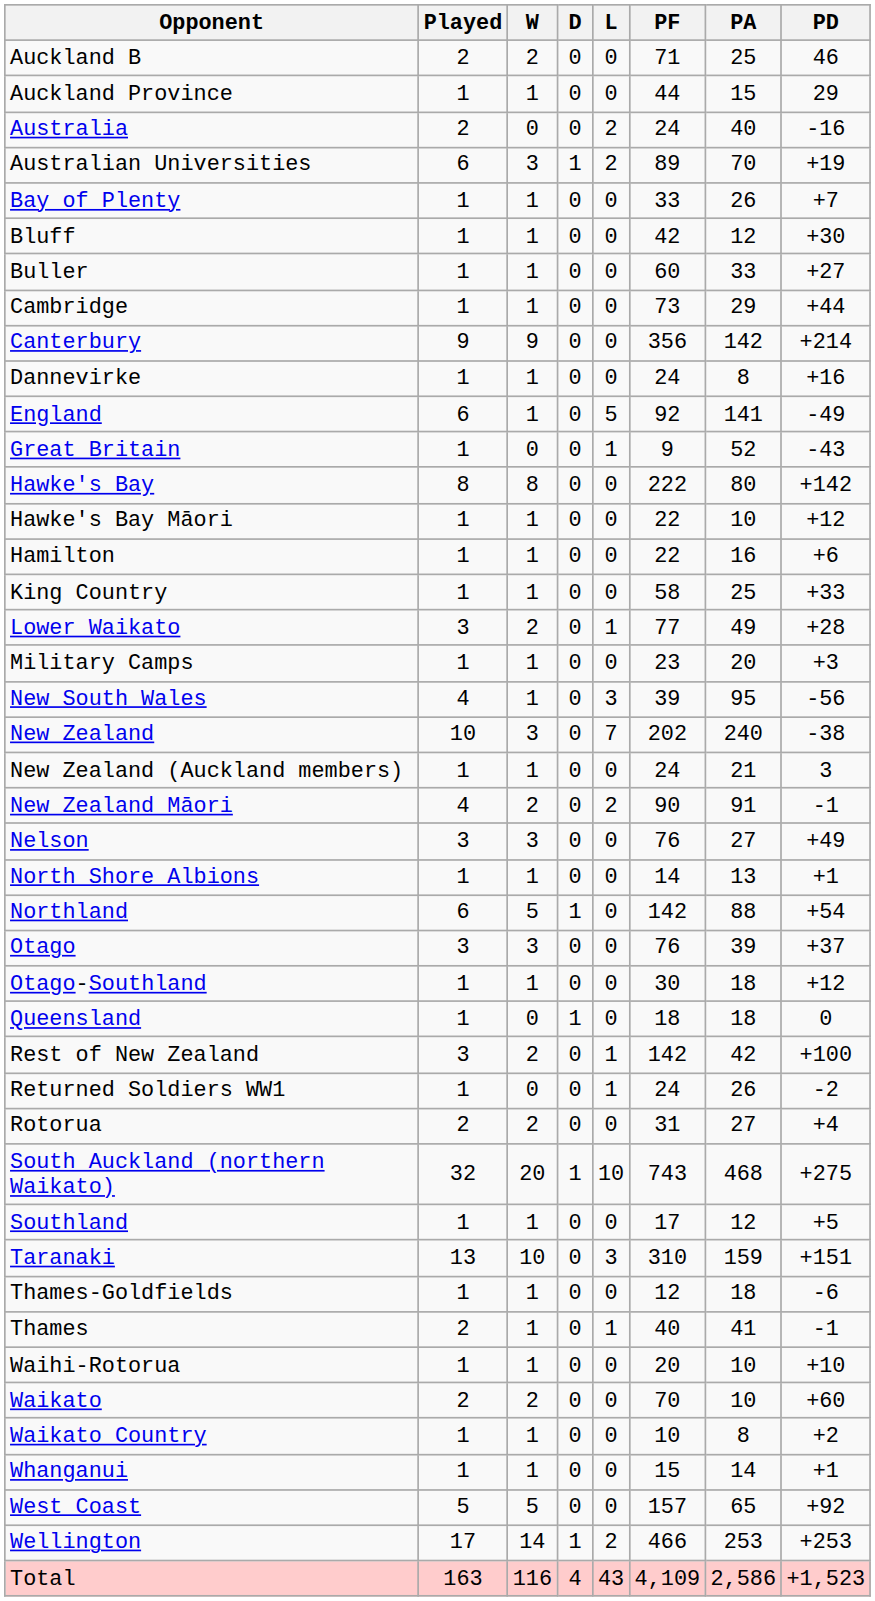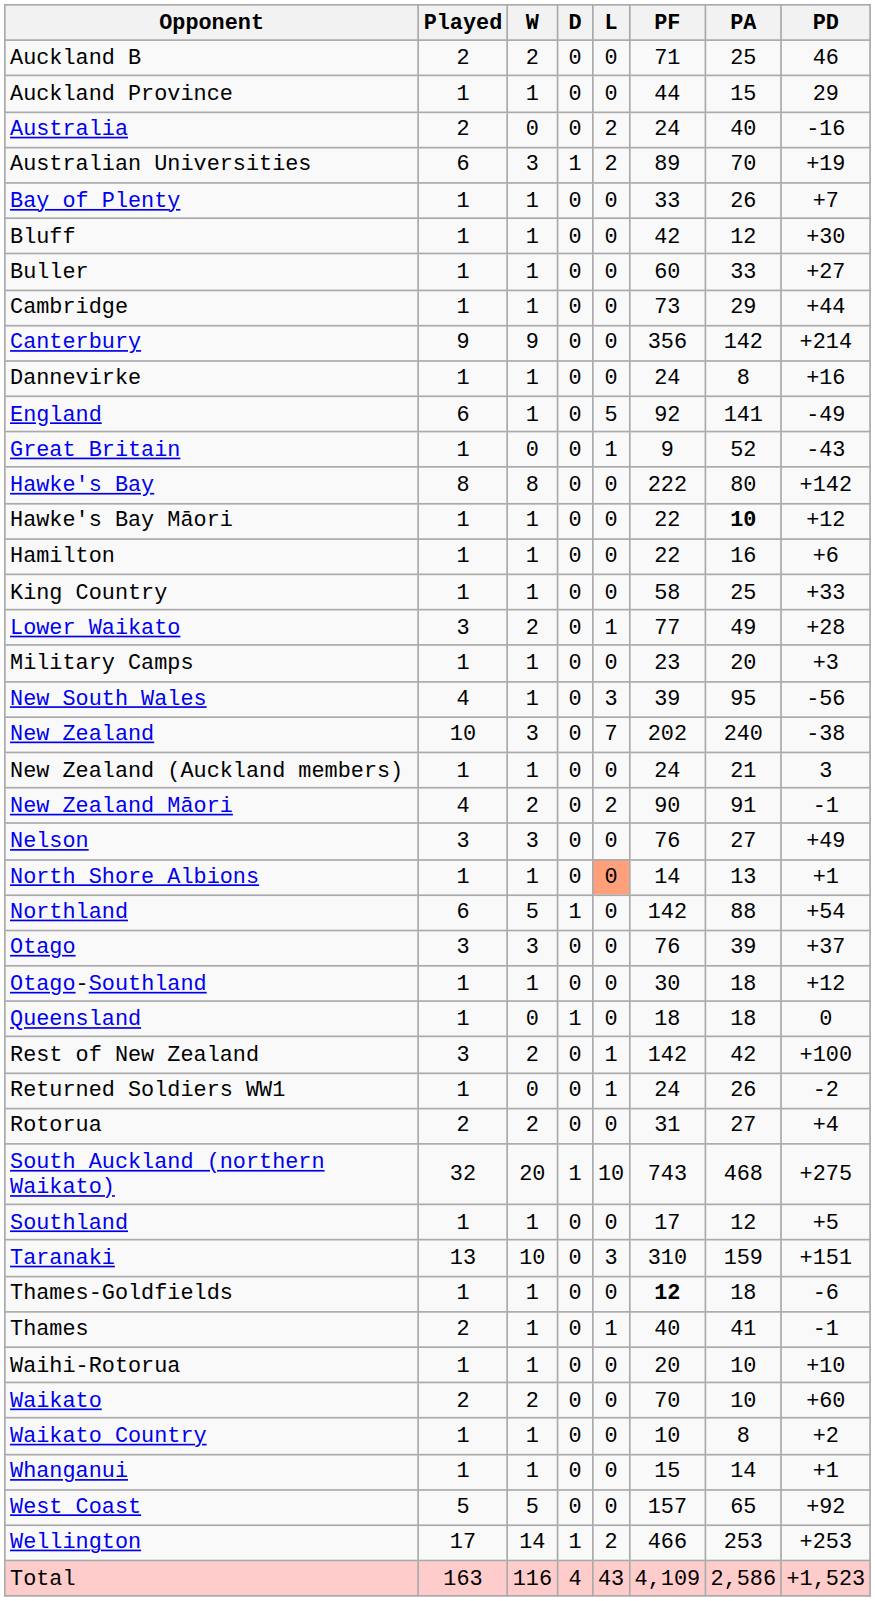 <table class="wikitable" style="text-align:center;">
 <tr>
 <th width=240>Opponent</th>
 <th width=15 abbr="Played">Played</th>
 <th width=15 abbr="Won">W</th>
 <th width=15 abbr="Drawn">D</th>
 <th width=15 abbr="Lost">L</th>
 <th width=20 abbr="Points for">PF</th>
 <th width=20 abbr="Points against">PA</th>
 <th width=20 abbr="Points difference">PD</th>
 </tr>
 <tr>
 <td style="text-align:left;">Auckland B</td>
 <td>2</td>
 <td>2</td>
 <td>0</td>
 <td>0</td>
 <td>71</td>
 <td>25</td>
 <td>46</td>
 </tr>
 <tr>
 <td style="text-align:left;">Auckland Province</td>
 <td>1</td>
 <td>1</td>
 <td>0</td>
 <td>0</td>
 <td>44</td>
 <td>15</td>
 <td>29</td>
 </tr>
 <tr>
 <td style="text-align:left;"><a href='#'>Australia</a></td>
 <td>2</td>
 <td>0</td>
 <td>0</td>
 <td>2</td>
 <td>24</td>
 <td>40</td>
 <td>-16</td>
 </tr>
 <tr>
 <td style="text-align:left;">Australian Universities</td>
 <td>6</td>
 <td>3</td>
 <td>1</td>
 <td>2</td>
 <td>89</td>
 <td>70</td>
 <td>+19</td>
 </tr>
 <tr>
 <td style="text-align:left;"><a href='#'>Bay of Plenty</a></td>
 <td>1</td>
 <td>1</td>
 <td>0</td>
 <td>0</td>
 <td>33</td>
 <td>26</td>
 <td>+7</td>
 </tr>
 <tr>
 <td style="text-align:left;">Bluff</td>
 <td>1</td>
 <td>1</td>
 <td>0</td>
 <td>0</td>
 <td>42</td>
 <td>12</td>
 <td>+30</td>
 </tr>
 <tr>
 <td style="text-align:left;">Buller</td>
 <td>1</td>
 <td>1</td>
 <td>0</td>
 <td>0</td>
 <td>60</td>
 <td>33</td>
 <td>+27</td>
 </tr>
 <tr>
 <td style="text-align:left;">Cambridge</td>
 <td>1</td>
 <td>1</td>
 <td>0</td>
 <td>0</td>
 <td>73</td>
 <td>29</td>
 <td>+44</td>
 </tr>
 <tr>
 <td style="text-align:left;"><a href='#'>Canterbury</a></td>
 <td>9</td>
 <td>9</td>
 <td>0</td>
 <td>0</td>
 <td>356</td>
 <td>142</td>
 <td>+214</td>
 </tr>
 <tr>
 <td style="text-align:left;">Dannevirke</td>
 <td>1</td>
 <td>1</td>
 <td>0</td>
 <td>0</td>
 <td>24</td>
 <td>8</td>
 <td>+16</td>
 </tr>
 <tr>
 <td style="text-align:left;"><a href='#'>England</a></td>
 <td>6</td>
 <td>1</td>
 <td>0</td>
 <td>5</td>
 <td>92</td>
 <td>141</td>
 <td>-49</td>
 </tr>
 <tr>
 <td style="text-align:left;"><a href='#'>Great Britain</a></td>
 <td>1</td>
 <td>0</td>
 <td>0</td>
 <td>1</td>
 <td>9</td>
 <td>52</td>
 <td>-43</td>
 </tr>
 <tr>
 <td style="text-align:left;"><a href='#'>Hawke's Bay</a></td>
 <td>8</td>
 <td>8</td>
 <td>0</td>
 <td>0</td>
 <td>222</td>
 <td>80</td>
 <td>+142</td>
 </tr>
 <tr>
 <td style="text-align:left;">Hawke's Bay Māori</td>
 <td>1</td>
 <td>1</td>
 <td>0</td>
 <td>0</td>
 <td>22</td>
-<td>10</td>
+<td><strong>10</strong></td>
 <td>+12</td>
 </tr>
 <tr>
 <td style="text-align:left;">Hamilton</td>
 <td>1</td>
 <td>1</td>
 <td>0</td>
 <td>0</td>
 <td>22</td>
 <td>16</td>
 <td>+6</td>
 </tr>
 <tr>
 <td style="text-align:left;">King Country</td>
 <td>1</td>
 <td>1</td>
 <td>0</td>
 <td>0</td>
 <td>58</td>
 <td>25</td>
 <td>+33</td>
 </tr>
 <tr>
 <td style="text-align:left;"><a href='#'>Lower Waikato</a></td>
 <td>3</td>
 <td>2</td>
 <td>0</td>
 <td>1</td>
 <td>77</td>
 <td>49</td>
 <td>+28</td>
 </tr>
 <tr>
 <td style="text-align:left;">Military Camps</td>
 <td>1</td>
 <td>1</td>
 <td>0</td>
 <td>0</td>
 <td>23</td>
 <td>20</td>
 <td>+3</td>
 </tr>
 <tr>
 <td style="text-align:left;"><a href='#'>New South Wales</a></td>
 <td>4</td>
 <td>1</td>
 <td>0</td>
 <td>3</td>
 <td>39</td>
 <td>95</td>
 <td>-56</td>
 </tr>
 <tr>
 <td style="text-align:left;"><a href='#'>New Zealand</a></td>
 <td>10</td>
 <td>3</td>
 <td>0</td>
 <td>7</td>
 <td>202</td>
 <td>240</td>
 <td>-38</td>
 </tr>
 <tr>
 <td style="text-align:left;">New Zealand (Auckland members)</td>
 <td>1</td>
 <td>1</td>
 <td>0</td>
 <td>0</td>
 <td>24</td>
 <td>21</td>
 <td>3</td>
 </tr>
 <tr>
 <td style="text-align:left;"><a href='#'>New Zealand Māori</a></td>
 <td>4</td>
 <td>2</td>
 <td>0</td>
 <td>2</td>
 <td>90</td>
 <td>91</td>
 <td>-1</td>
 </tr>
 <tr>
 <td style="text-align:left;"><a href='#'>Nelson</a></td>
 <td>3</td>
 <td>3</td>
 <td>0</td>
 <td>0</td>
 <td>76</td>
 <td>27</td>
 <td>+49</td>
 </tr>
 <tr>
 <td style="text-align:left;"><a href='#'>North Shore Albions</a></td>
 <td>1</td>
 <td>1</td>
 <td>0</td>
-<td>0</td>
+<td style="background: lightsalmon;">0</td>
 <td>14</td>
 <td>13</td>
 <td>+1</td>
 </tr>
 <tr>
 <td style="text-align:left;"><a href='#'>Northland</a></td>
 <td>6</td>
 <td>5</td>
 <td>1</td>
 <td>0</td>
 <td>142</td>
 <td>88</td>
 <td>+54</td>
 </tr>
 <tr>
 <td style="text-align:left;"><a href='#'>Otago</a></td>
 <td>3</td>
 <td>3</td>
 <td>0</td>
 <td>0</td>
 <td>76</td>
 <td>39</td>
 <td>+37</td>
 </tr>
 <tr>
 <td style="text-align:left;"><a href='#'>Otago</a>-<a href='#'>Southland</a></td>
 <td>1</td>
 <td>1</td>
 <td>0</td>
 <td>0</td>
 <td>30</td>
 <td>18</td>
 <td>+12</td>
 </tr>
 <tr>
 <td style="text-align:left;"><a href='#'>Queensland</a></td>
 <td>1</td>
 <td>0</td>
 <td>1</td>
 <td>0</td>
 <td>18</td>
 <td>18</td>
 <td>0</td>
 </tr>
 <tr>
 <td style="text-align:left;">Rest of New Zealand</td>
 <td>3</td>
 <td>2</td>
 <td>0</td>
 <td>1</td>
 <td>142</td>
 <td>42</td>
 <td>+100</td>
 </tr>
 <tr>
 <td style="text-align:left;">Returned Soldiers WW1</td>
 <td>1</td>
 <td>0</td>
 <td>0</td>
 <td>1</td>
 <td>24</td>
 <td>26</td>
 <td>-2</td>
 </tr>
 <tr>
 <td style="text-align:left;">Rotorua</td>
 <td>2</td>
 <td>2</td>
 <td>0</td>
 <td>0</td>
 <td>31</td>
 <td>27</td>
 <td>+4</td>
 </tr>
 <tr>
 <td style="text-align:left;"><a href='#'>South Auckland (northern Waikato)</a></td>
 <td>32</td>
 <td>20</td>
 <td>1</td>
 <td>10</td>
 <td>743</td>
 <td>468</td>
 <td>+275</td>
 </tr>
 <tr>
 <td style="text-align:left;"><a href='#'>Southland</a></td>
 <td>1</td>
 <td>1</td>
 <td>0</td>
 <td>0</td>
 <td>17</td>
 <td>12</td>
 <td>+5</td>
 </tr>
 <tr>
 <td style="text-align:left;"><a href='#'>Taranaki</a></td>
 <td>13</td>
 <td>10</td>
 <td>0</td>
 <td>3</td>
 <td>310</td>
 <td>159</td>
 <td>+151</td>
 </tr>
 <tr>
 <td style="text-align:left;">Thames-Goldfields</td>
 <td>1</td>
 <td>1</td>
 <td>0</td>
 <td>0</td>
-<td>12</td>
+<td><strong>12</strong></td>
 <td>18</td>
 <td>-6</td>
 </tr>
 <tr>
 <td style="text-align:left;">Thames</td>
 <td>2</td>
 <td>1</td>
 <td>0</td>
 <td>1</td>
 <td>40</td>
 <td>41</td>
 <td>-1</td>
 </tr>
 <tr>
 <td style="text-align:left;">Waihi-Rotorua</td>
 <td>1</td>
 <td>1</td>
 <td>0</td>
 <td>0</td>
 <td>20</td>
 <td>10</td>
 <td>+10</td>
 </tr>
 <tr>
 <td style="text-align:left;"><a href='#'>Waikato</a></td>
 <td>2</td>
 <td>2</td>
 <td>0</td>
 <td>0</td>
 <td>70</td>
 <td>10</td>
 <td>+60</td>
 </tr>
 <tr>
 <td style="text-align:left;"><a href='#'>Waikato Country</a></td>
 <td>1</td>
 <td>1</td>
 <td>0</td>
 <td>0</td>
 <td>10</td>
 <td>8</td>
 <td>+2</td>
 </tr>
 <tr>
 <td style="text-align:left;"><a href='#'>Whanganui</a></td>
 <td>1</td>
 <td>1</td>
 <td>0</td>
 <td>0</td>
 <td>15</td>
 <td>14</td>
 <td>+1</td>
 </tr>
 <tr>
 <td style="text-align:left;"><a href='#'>West Coast</a></td>
 <td>5</td>
 <td>5</td>
 <td>0</td>
 <td>0</td>
 <td>157</td>
 <td>65</td>
 <td>+92</td>
 </tr>
 <tr>
 <td style="text-align:left;"><a href='#'>Wellington</a></td>
 <td>17</td>
 <td>14</td>
 <td>1</td>
 <td>2</td>
 <td>466</td>
 <td>253</td>
 <td>+253</td>
 </tr>
 <tr style="background: #FFCCCC;">
 <td style="text-align:left;">Total</td>
 <td>163</td>
 <td>116</td>
 <td>4</td>
 <td>43</td>
 <td>4,109</td>
 <td>2,586</td>
 <td>+1,523</td>
 </tr>
 </table>
